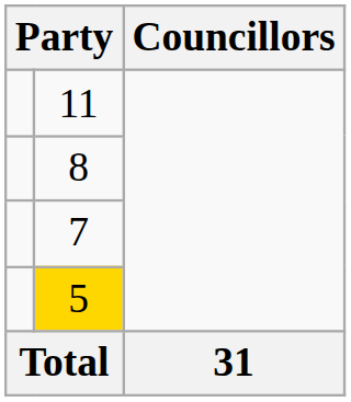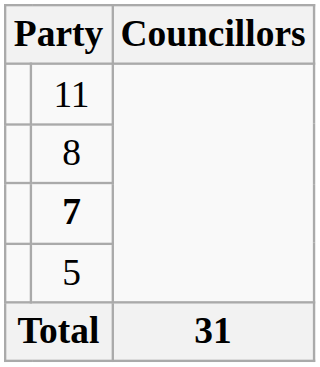 <table class="wikitable">
 <tr>
 <th colspan=2>Party</th>
 <th>Councillors</th>
 </tr>
 <tr>
 <td></td>
 <td align=center>11</td>
 </tr>
 <tr>
 <td></td>
 <td align=center>8</td>
 </tr>
 <tr>
 <td></td>
-<td align=center>7</td>
+<td align=center><strong>7</strong></td>
 </tr>
 <tr>
 <td></td>
-<td align=center style="background: gold;">5</td>
+<td align=center>5</td>
 </tr>
 <tr>
 <th colspan=2>Total</th>
 <th align=center>31</th>
 </tr>
 </table>
